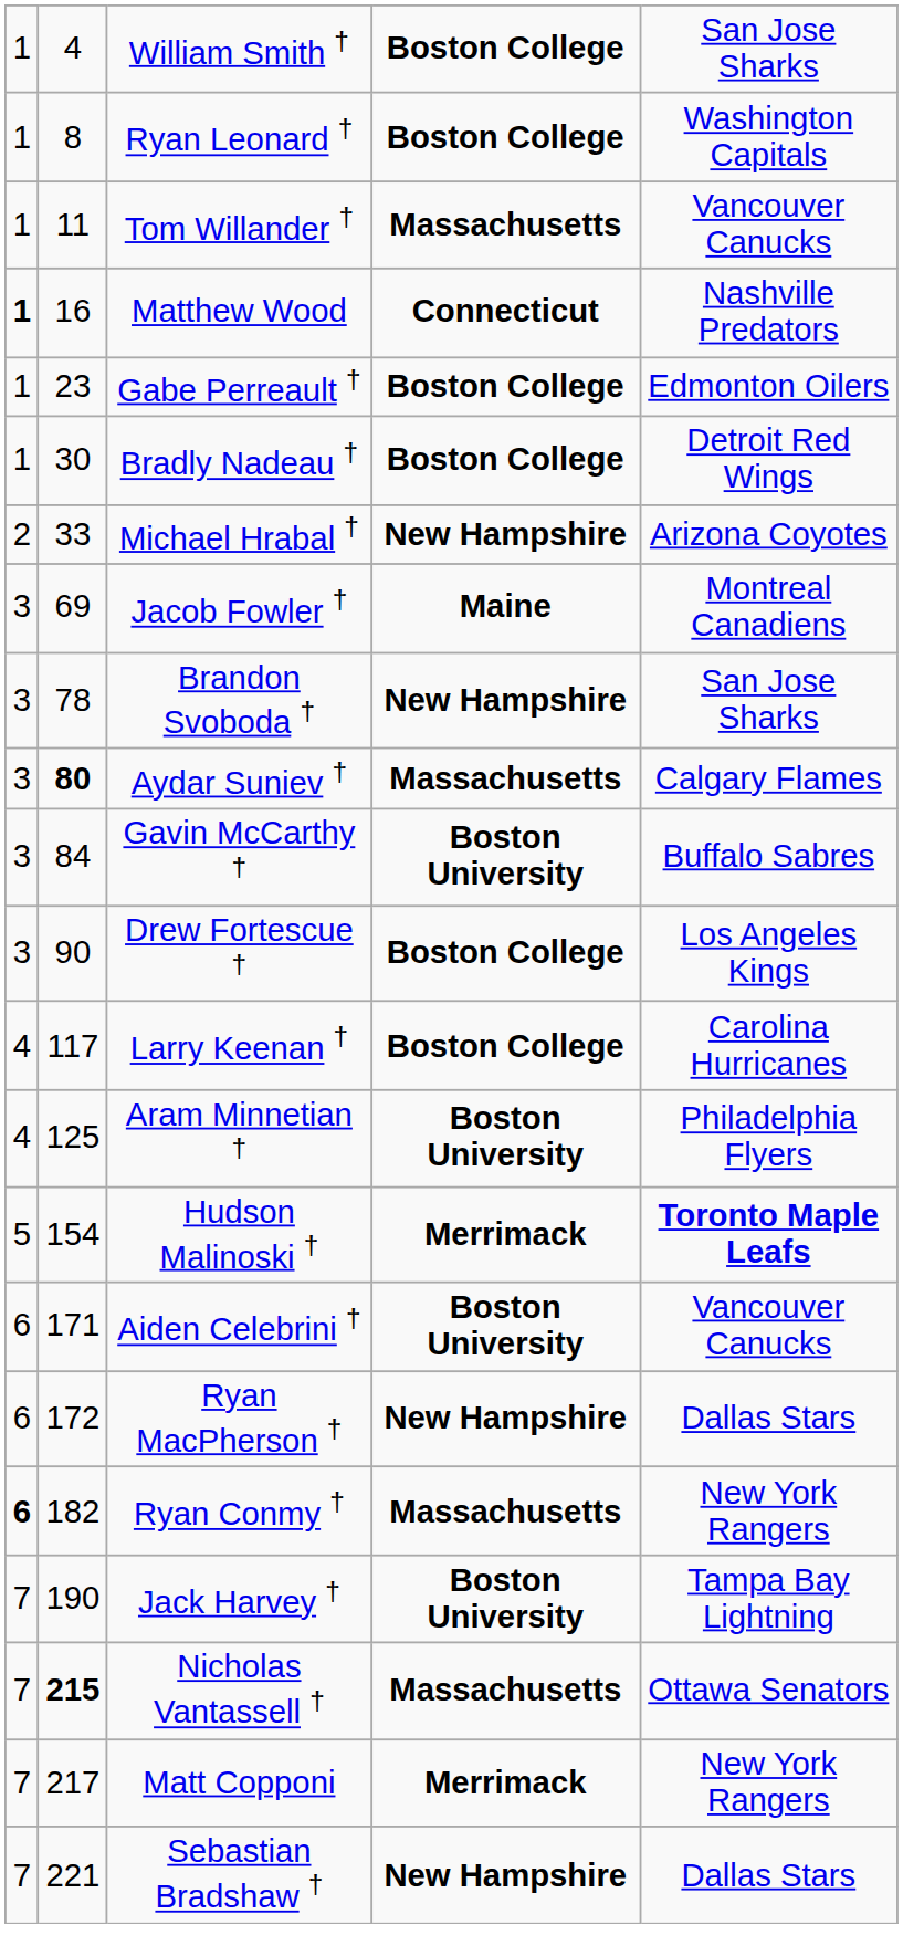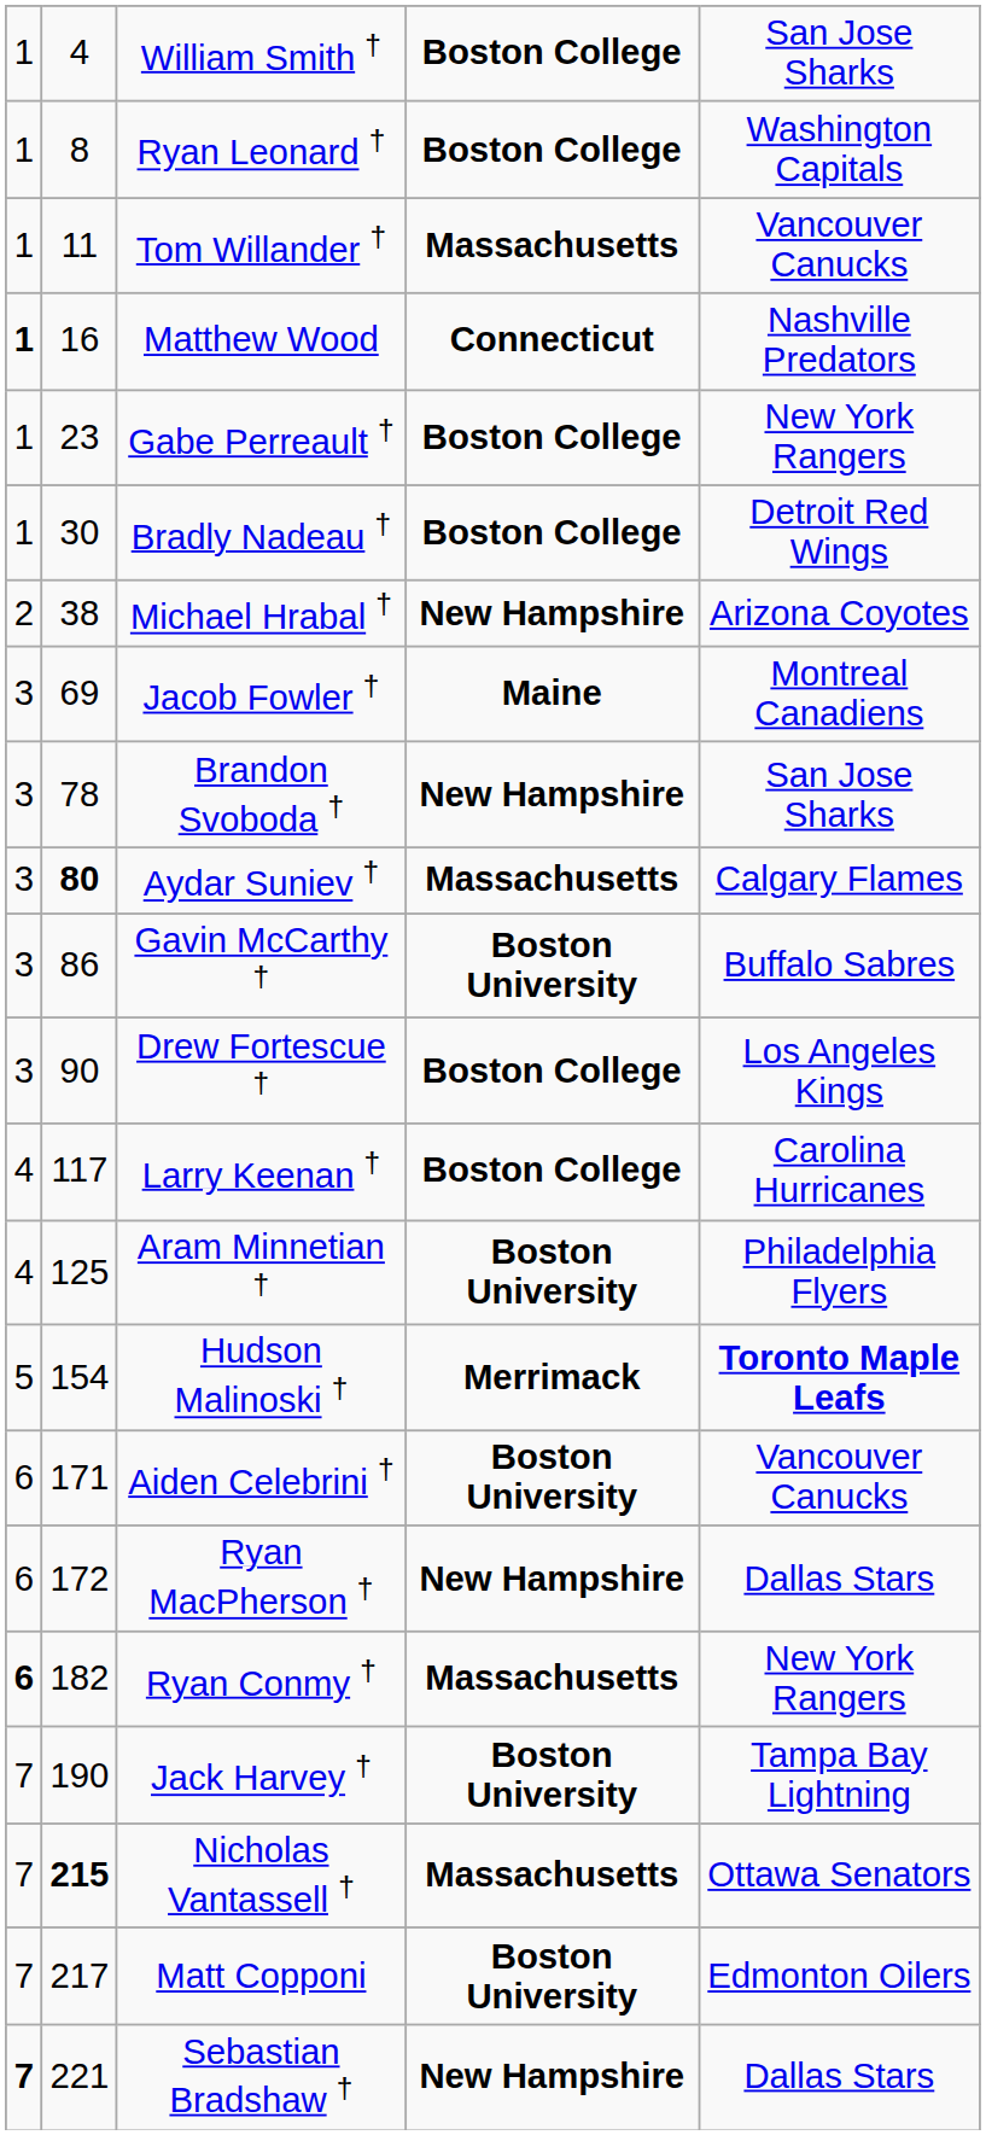 <table class="wikitable sortable" width="50%">
 <tr align="center" bgcolor="">
 <td>1</td>
 <td>4</td>
 <td><a href='#'>William Smith</a> <sup>†</sup></td>
 <td><strong>Boston College</strong></td>
 <td><a href='#'>San Jose Sharks</a></td>
 </tr>
 <tr align="center" bgcolor="">
 <td>1</td>
 <td>8</td>
 <td><a href='#'>Ryan Leonard</a> <sup>†</sup></td>
 <td><strong>Boston College</strong></td>
 <td><a href='#'>Washington Capitals</a></td>
 </tr>
 <tr align="center" bgcolor="">
 <td>1</td>
 <td>11</td>
 <td><a href='#'>Tom Willander</a> <sup>†</sup></td>
 <td><strong>Massachusetts</strong></td>
 <td><a href='#'>Vancouver Canucks</a></td>
 </tr>
 <tr align="center" bgcolor="">
 <td><strong>1</strong></td>
 <td>16</td>
 <td><a href='#'>Matthew Wood</a></td>
 <td><strong>Connecticut</strong></td>
 <td><a href='#'>Nashville Predators</a></td>
 </tr>
 <tr align="center" bgcolor="">
 <td>1</td>
 <td>23</td>
 <td><a href='#'>Gabe Perreault</a> <sup>†</sup></td>
 <td><strong>Boston College</strong></td>
-<td><a href='#'>Edmonton Oilers</a></td>
+<td><a href='#'>New York Rangers</a></td>
 </tr>
 <tr align="center" bgcolor="">
 <td>1</td>
 <td>30</td>
 <td><a href='#'>Bradly Nadeau</a> <sup>†</sup></td>
 <td><strong>Boston College</strong></td>
 <td><a href='#'>Detroit Red Wings</a></td>
 </tr>
 <tr align="center" bgcolor="">
 <td>2</td>
-<td>33</td>
+<td>38</td>
 <td><a href='#'>Michael Hrabal</a> <sup>†</sup></td>
 <td><strong>New Hampshire</strong></td>
 <td><a href='#'>Arizona Coyotes</a></td>
 </tr>
 <tr align="center" bgcolor="">
 <td>3</td>
 <td>69</td>
 <td><a href='#'>Jacob Fowler</a> <sup>†</sup></td>
 <td><strong>Maine</strong></td>
 <td><a href='#'>Montreal Canadiens</a></td>
 </tr>
 <tr align="center" bgcolor="">
 <td>3</td>
 <td>78</td>
 <td><a href='#'>Brandon Svoboda</a> <sup>†</sup></td>
 <td><strong>New Hampshire</strong></td>
 <td><a href='#'>San Jose Sharks</a></td>
 </tr>
 <tr align="center" bgcolor="">
 <td>3</td>
 <td><strong>80</strong></td>
 <td><a href='#'>Aydar Suniev</a> <sup>†</sup></td>
 <td><strong>Massachusetts</strong></td>
 <td><a href='#'>Calgary Flames</a></td>
 </tr>
 <tr align="center" bgcolor="">
 <td>3</td>
-<td>84</td>
+<td>86</td>
 <td><a href='#'>Gavin McCarthy</a> <sup>†</sup></td>
 <td><strong>Boston University</strong></td>
 <td><a href='#'>Buffalo Sabres</a></td>
 </tr>
 <tr align="center" bgcolor="">
 <td>3</td>
 <td>90</td>
 <td><a href='#'>Drew Fortescue</a> <sup>†</sup></td>
 <td><strong>Boston College</strong></td>
 <td><a href='#'>Los Angeles Kings</a></td>
 </tr>
 <tr align="center" bgcolor="">
 <td>4</td>
 <td>117</td>
 <td><a href='#'>Larry Keenan</a> <sup>†</sup></td>
 <td><strong>Boston College</strong></td>
 <td><a href='#'>Carolina Hurricanes</a></td>
 </tr>
 <tr align="center" bgcolor="">
 <td>4</td>
 <td>125</td>
 <td><a href='#'>Aram Minnetian</a> <sup>†</sup></td>
 <td><strong>Boston University</strong></td>
 <td><a href='#'>Philadelphia Flyers</a></td>
 </tr>
 <tr align="center" bgcolor="">
 <td>5</td>
 <td>154</td>
 <td><a href='#'>Hudson Malinoski</a> <sup>†</sup></td>
 <td><strong>Merrimack</strong></td>
 <td><strong><a href='#'>Toronto Maple Leafs</a></strong></td>
 </tr>
 <tr align="center" bgcolor="">
 <td>6</td>
 <td>171</td>
 <td><a href='#'>Aiden Celebrini</a> <sup>†</sup></td>
 <td><strong>Boston University</strong></td>
 <td><a href='#'>Vancouver Canucks</a></td>
 </tr>
 <tr align="center" bgcolor="">
 <td>6</td>
 <td>172</td>
 <td><a href='#'>Ryan MacPherson</a> <sup>†</sup></td>
 <td><strong>New Hampshire</strong></td>
 <td><a href='#'>Dallas Stars</a></td>
 </tr>
 <tr align="center" bgcolor="">
 <td><strong>6</strong></td>
 <td>182</td>
 <td><a href='#'>Ryan Conmy</a> <sup>†</sup></td>
 <td><strong>Massachusetts</strong></td>
 <td><a href='#'>New York Rangers</a></td>
 </tr>
 <tr align="center" bgcolor="">
 <td>7</td>
 <td>190</td>
 <td><a href='#'>Jack Harvey</a> <sup>†</sup></td>
 <td><strong>Boston University</strong></td>
 <td><a href='#'>Tampa Bay Lightning</a></td>
 </tr>
 <tr align="center" bgcolor="">
 <td>7</td>
 <td><strong>215</strong></td>
 <td><a href='#'>Nicholas Vantassell</a> <sup>†</sup></td>
 <td><strong>Massachusetts</strong></td>
 <td><a href='#'>Ottawa Senators</a></td>
 </tr>
 <tr align="center" bgcolor="">
 <td>7</td>
 <td>217</td>
 <td><a href='#'>Matt Copponi</a></td>
-<td><strong>Merrimack</strong></td>
-<td><a href='#'>New York Rangers</a></td>
+<td><strong>Boston University</strong></td>
+<td><a href='#'>Edmonton Oilers</a></td>
 </tr>
 <tr align="center" bgcolor="">
-<td>7</td>
+<td><strong>7</strong></td>
 <td>221</td>
 <td><a href='#'>Sebastian Bradshaw</a> <sup>†</sup></td>
 <td><strong>New Hampshire</strong></td>
 <td><a href='#'>Dallas Stars</a></td>
 </tr>
 </table>
